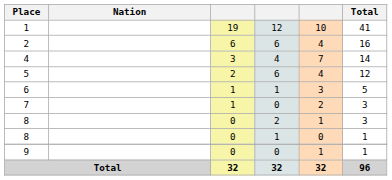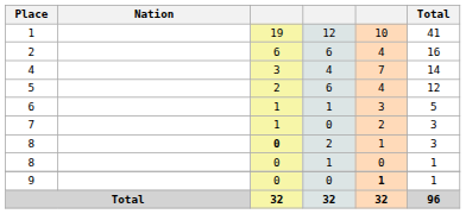 <table class=wikitable style="border:1px solid #AAAAAA;font-size:90%">
 <tr bgcolor="#EFEFEF">
 <th width=50>Place</th>
 <th width=200>Nation</th>
 <th width=50></th>
 <th width=50></th>
 <th width=50></th>
 <th width=50>Total</th>
 </tr>
 <tr align="center" valign="top" bgcolor="#FFFFFF">
 <td>1</td>
 <td align="left"></td>
 <td style="background:#F7F6A8;">19</td>
 <td style="background:#DCE5E5;">12</td>
 <td style="background:#FFDAB9;">10</td>
 <td>41</td>
 </tr>
 <tr align="center" valign="top" bgcolor="#FFFFFF">
 <td>2</td>
 <td align="left"></td>
 <td style="background:#F7F6A8;">6</td>
 <td style="background:#DCE5E5;">6</td>
 <td style="background:#FFDAB9;">4</td>
 <td>16</td>
 </tr>
 <tr align="center" valign="top" bgcolor="#FFFFFF">
 <td>4</td>
 <td align="left"></td>
 <td style="background:#F7F6A8;">3</td>
 <td style="background:#DCE5E5;">4</td>
 <td style="background:#FFDAB9;">7</td>
 <td>14</td>
 </tr>
 <tr align="center" valign="top" bgcolor="#FFFFFF">
 <td>5</td>
 <td align="left"></td>
 <td style="background:#F7F6A8;">2</td>
 <td style="background:#DCE5E5;">6</td>
 <td style="background:#FFDAB9;">4</td>
 <td>12</td>
 </tr>
 <tr align="center" valign="top" bgcolor="#FFFFFF">
 <td>6</td>
 <td align="left"></td>
 <td style="background:#F7F6A8;">1</td>
 <td style="background:#DCE5E5;">1</td>
 <td style="background:#FFDAB9;">3</td>
 <td>5</td>
 </tr>
 <tr align="center" valign="top" bgcolor="#FFFFFF">
 <td>7</td>
 <td align="left"></td>
 <td style="background:#F7F6A8;">1</td>
 <td style="background:#DCE5E5;">0</td>
 <td style="background:#FFDAB9;">2</td>
 <td>3</td>
 </tr>
 <tr align="center" valign="top" bgcolor="#FFFFFF">
 <td>8</td>
 <td align="left"></td>
-<td style="background:#F7F6A8;">0</td>
+<td style="background:#F7F6A8;"><strong>0</strong></td>
 <td style="background:#DCE5E5;">2</td>
 <td style="background:#FFDAB9;">1</td>
 <td>3</td>
 </tr>
 <tr align="center" valign="top" bgcolor="#FFFFFF">
 <td>8</td>
 <td align="left"></td>
 <td style="background:#F7F6A8;">0</td>
 <td style="background:#DCE5E5;">1</td>
 <td style="background:#FFDAB9;">0</td>
 <td>1</td>
 </tr>
 <tr align="center">
 </tr>
 <tr align="center" valign="top" bgcolor="#FFFFFF">
 <td>9</td>
 <td align="left"></td>
 <td style="background:#F7F6A8;">0</td>
 <td style="background:#DCE5E5;">0</td>
-<td style="background:#FFDAB9;">1</td>
+<td style="background:#FFDAB9;"><strong>1</strong></td>
 <td>1</td>
 </tr>
 <tr align="center">
 <td colspan="2" bgcolor=D3D3D3><strong>Total</strong></td>
 <td style="background:#F7F6A8;"><strong>32</strong></td>
 <td style="background:#DCE5E5;"><strong>32</strong></td>
 <td style="background:#FFDAB9;"><strong>32</strong></td>
 <td bgcolor=D3D3D3><strong>96</strong></td>
 </tr>
 </table>
